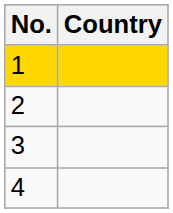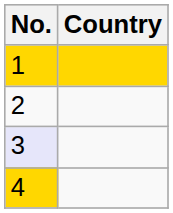 <table class="wikitable">
 <tr>
 <th>No.</th>
 <th>Country</th>
 </tr>
 <tr bgcolor=gold>
 <td>1</td>
 <td></td>
 </tr>
 <tr>
 <td>2</td>
 <td></td>
 </tr>
 <tr>
-<td>3</td>
+<td style="background: lavender;">3</td>
 <td></td>
 </tr>
 <tr>
-<td>4</td>
+<td style="background: gold;">4</td>
 <td></td>
 </tr>
 </table>
